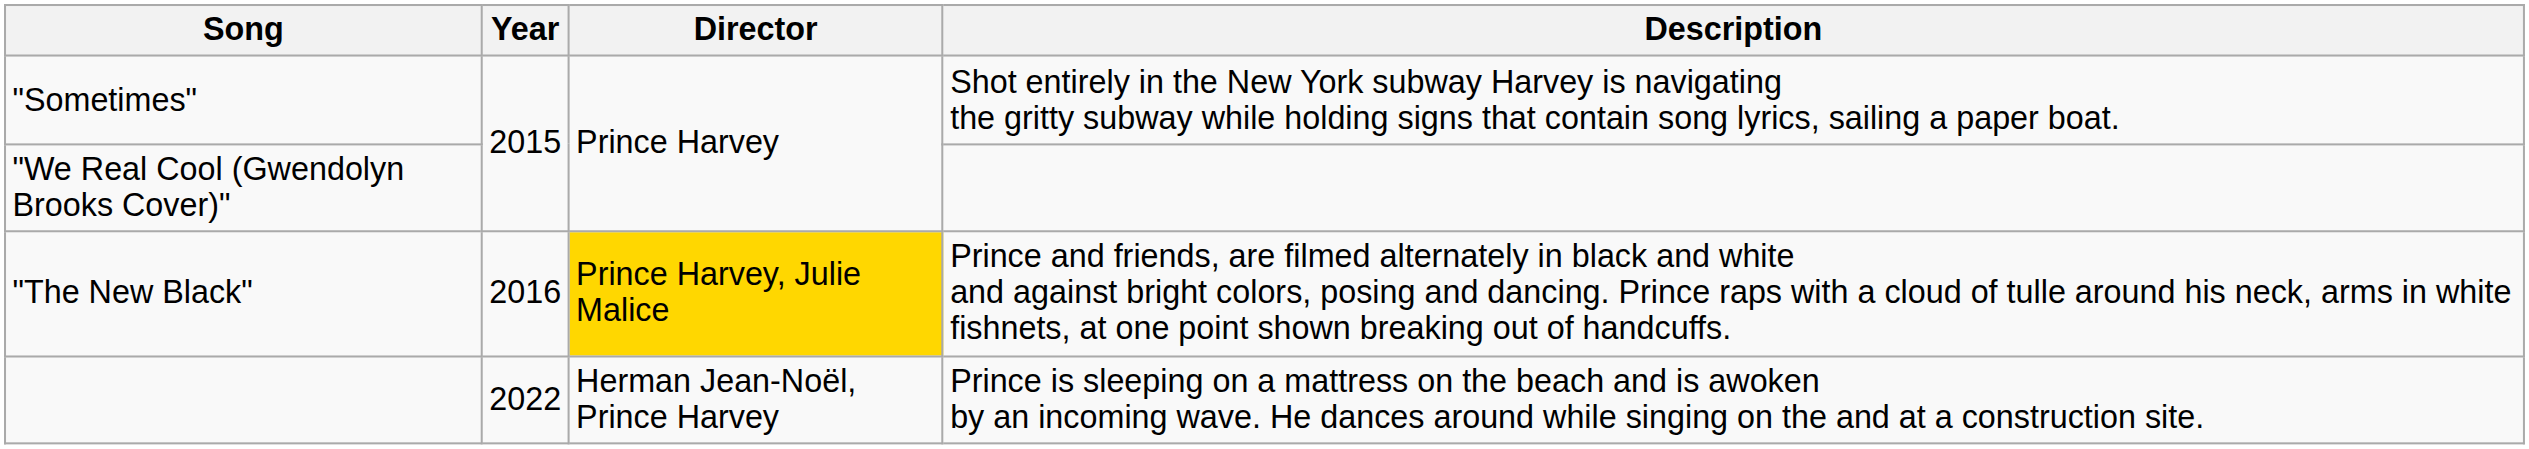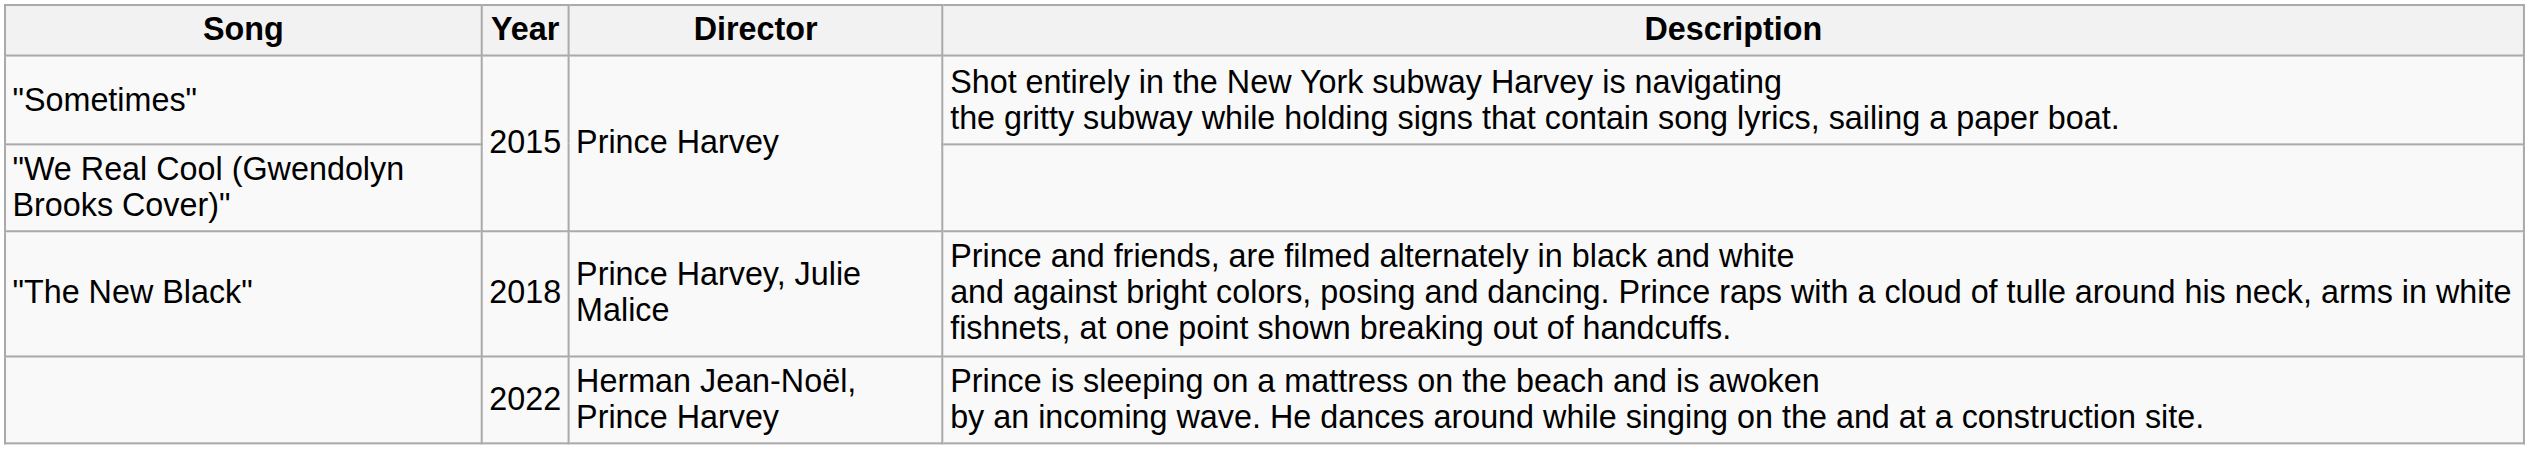 <table class="wikitable">
 <tr>
 <th>Song</th>
 <th>Year</th>
 <th>Director</th>
 <th>Description</th>
 </tr>
 <tr>
 <td>"Sometimes"</td>
 <td rowspan="2">2015</td>
 <td rowspan="2">Prince Harvey</td>
 <td>Shot entirely in the New York subway Harvey is navigating<br>the gritty subway while holding signs that contain song lyrics, sailing a paper boat.</td>
 </tr>
 <tr>
 <td>"We Real Cool (Gwendolyn Brooks Cover)"</td>
 <td></td>
 </tr>
 <tr>
 <td>"The New Black"</td>
-<td>2016</td>
-<td style="background: gold;">Prince Harvey, Julie Malice</td>
+<td>2018</td>
+<td>Prince Harvey, Julie Malice</td>
 <td>Prince and friends, are filmed alternately in black and white<br>and against bright colors, posing and dancing. Prince raps  with a cloud of tulle around his neck, arms in white fishnets,  at one point shown breaking out of handcuffs.</td>
 </tr>
 <tr>
 <td></td>
 <td>2022</td>
 <td>Herman Jean-Noël, Prince Harvey</td>
 <td>Prince is sleeping on a mattress on the beach and is awoken<br>by an incoming wave. He dances around while singing on the and at a construction site.</td>
 </tr>
 </table>
